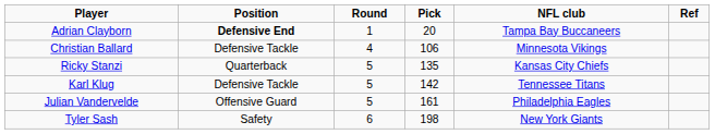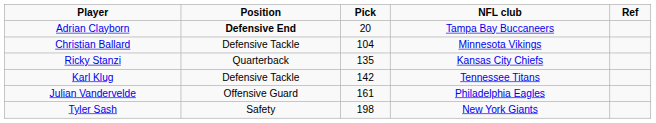 <table class="wikitable" width="80%">
 <tr align="center">
 <td><strong>Player</strong></td>
 <td><strong>Position</strong></td>
-<td><strong>Round</strong></td>
 <td><strong>Pick</strong></td>
 <td><strong>NFL club</strong></td>
 <td><strong>Ref</strong></td>
 </tr>
 <tr align="center" bgcolor="">
 <td><a href='#'>Adrian Clayborn</a></td>
 <td><strong>Defensive End</strong></td>
-<td>1</td>
 <td>20</td>
 <td><a href='#'>Tampa Bay Buccaneers</a></td>
 <td></td>
 </tr>
 <tr align="center" bgcolor="">
 <td><a href='#'>Christian Ballard</a></td>
 <td>Defensive Tackle</td>
-<td>4</td>
-<td>106</td>
+<td>104</td>
 <td><a href='#'>Minnesota Vikings</a></td>
 <td></td>
 </tr>
 <tr align="center" bgcolor="">
 <td><a href='#'>Ricky Stanzi</a></td>
 <td>Quarterback</td>
-<td>5</td>
 <td>135</td>
 <td><a href='#'>Kansas City Chiefs</a></td>
 <td></td>
 </tr>
 <tr align="center" bgcolor="">
 <td><a href='#'>Karl Klug</a></td>
 <td>Defensive Tackle</td>
-<td>5</td>
 <td>142</td>
 <td><a href='#'>Tennessee Titans</a></td>
 <td></td>
 </tr>
 <tr align="center" bgcolor="">
 <td><a href='#'>Julian Vandervelde</a></td>
 <td>Offensive Guard</td>
-<td>5</td>
 <td>161</td>
 <td><a href='#'>Philadelphia Eagles</a></td>
 <td></td>
 </tr>
 <tr align="center" bgcolor="">
 <td><a href='#'>Tyler Sash</a></td>
 <td>Safety</td>
-<td>6</td>
 <td>198</td>
 <td><a href='#'>New York Giants</a></td>
 <td></td>
 </tr>
 </table>
